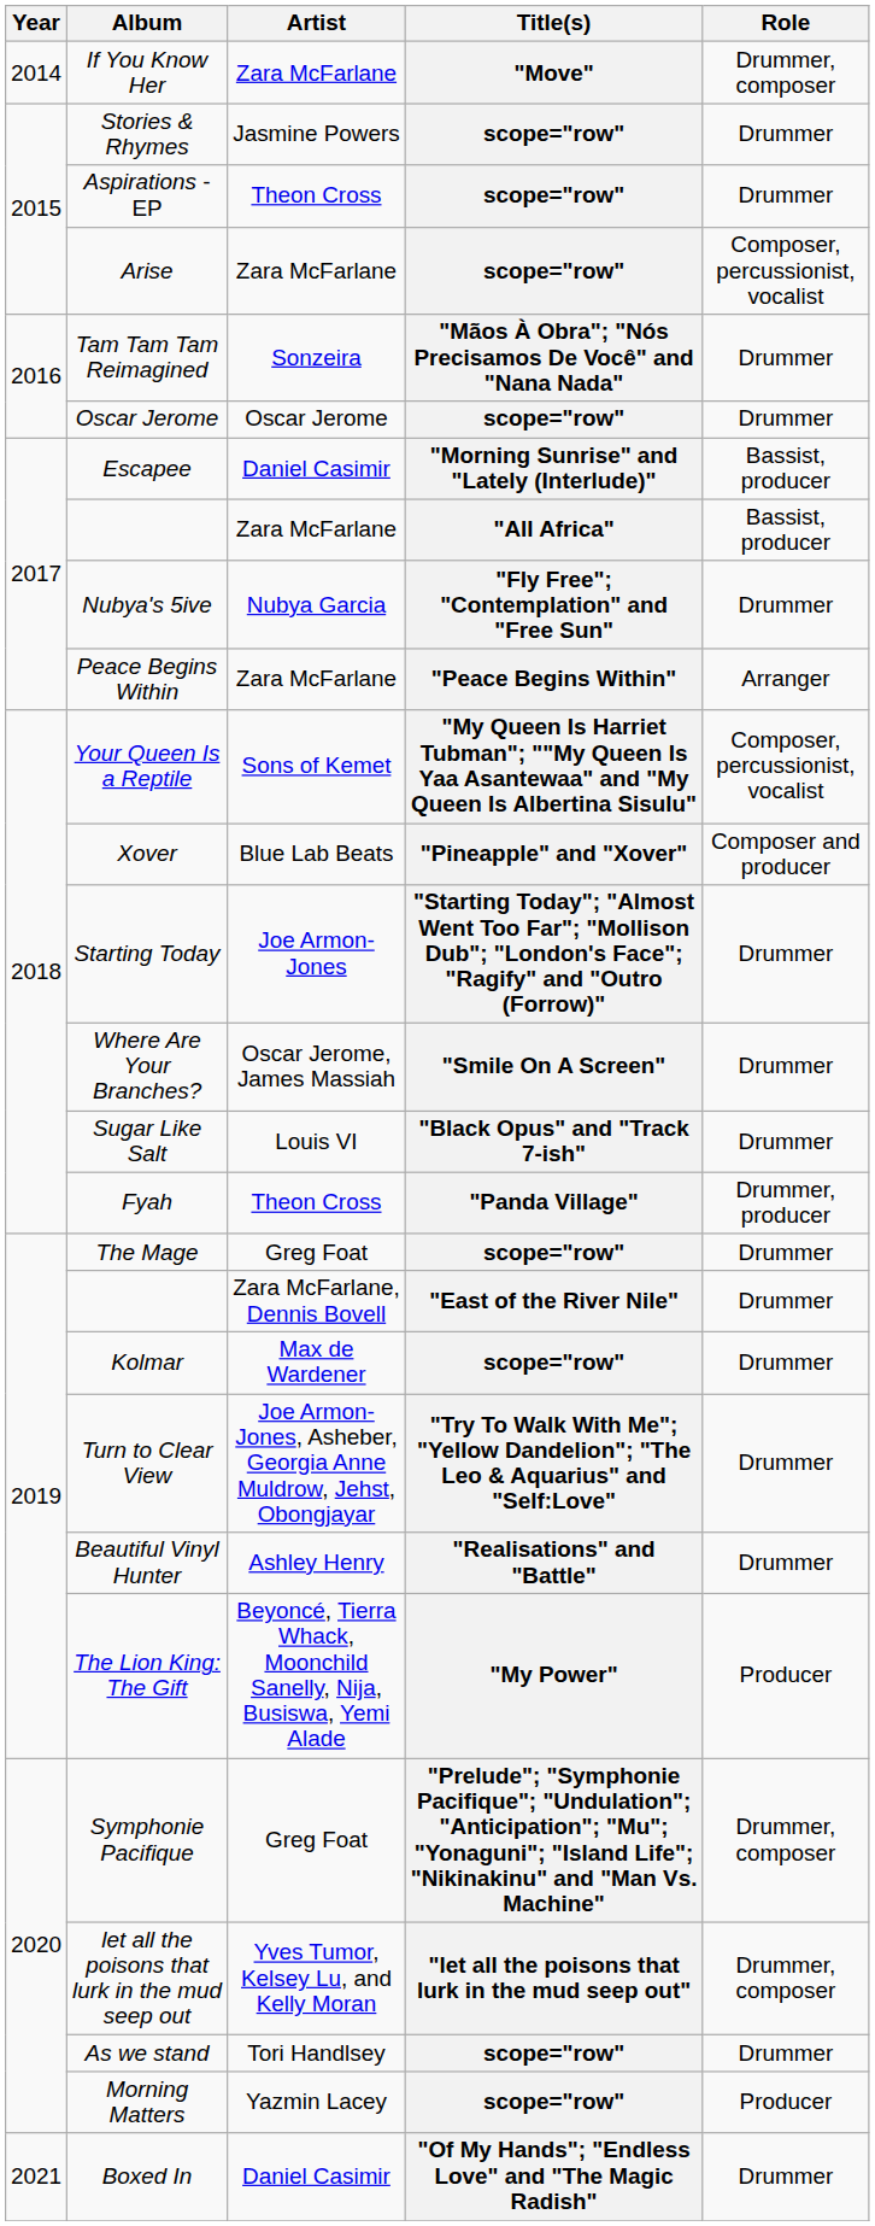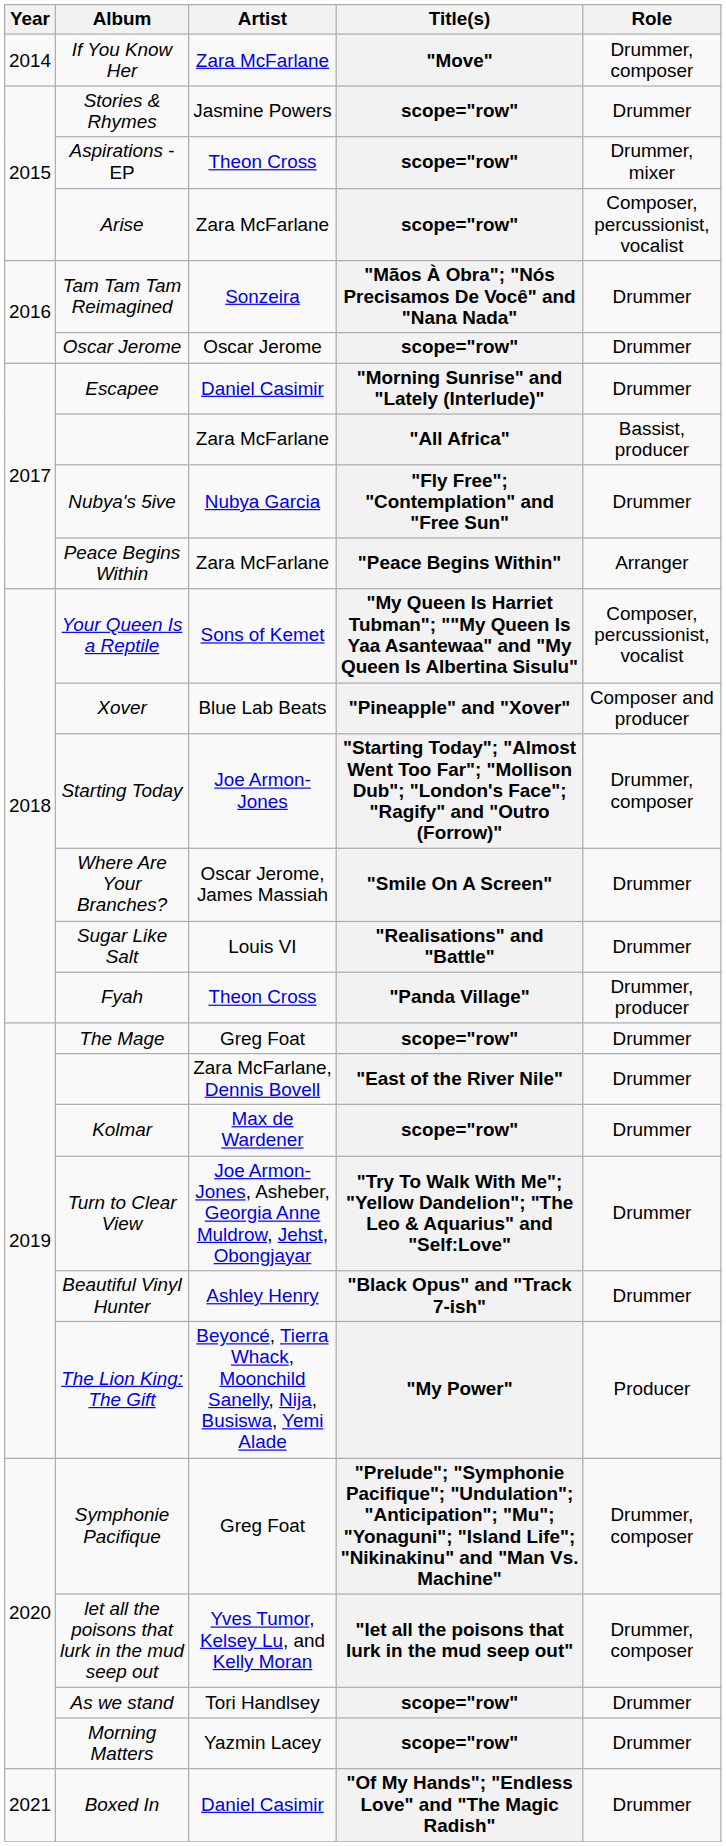 <table class="wikitable plainrowheaders" style="text-align:center;">
 <tr>
 <th>Year</th>
 <th>Album</th>
 <th>Artist</th>
 <th>Title(s)</th>
 <th>Role</th>
 </tr>
 <tr>
 <td>2014</td>
 <td><em>If You Know Her</em></td>
 <td><a href='#'>Zara McFarlane</a></td>
 <th scope="row">"Move"</th>
 <td>Drummer, composer</td>
 </tr>
 <tr>
 <td rowspan="3">2015</td>
 <td><em>Stories & Rhymes</em></td>
 <td>Jasmine Powers</td>
 <th>scope="row" </th>
 <td>Drummer</td>
 </tr>
 <tr>
 <td><em>Aspirations</em> - EP</td>
 <td><a href='#'>Theon Cross</a></td>
 <th>scope="row" </th>
-<td>Drummer</td>
+<td>Drummer, mixer</td>
 </tr>
 <tr>
 <td><em>Arise</em></td>
 <td>Zara McFarlane</td>
 <th>scope="row" </th>
 <td>Composer, percussionist, vocalist</td>
 </tr>
 <tr>
 <td rowspan="2">2016</td>
 <td><em>Tam Tam Tam Reimagined</em></td>
 <td><a href='#'>Sonzeira</a></td>
 <th scope="row">"Mãos À Obra"; "Nós Precisamos De Você" and "Nana Nada"</th>
 <td>Drummer</td>
 </tr>
 <tr>
 <td><em>Oscar Jerome</em></td>
 <td>Oscar Jerome</td>
 <th>scope="row" </th>
 <td>Drummer</td>
 </tr>
 <tr>
 <td rowspan="4">2017</td>
 <td><em>Escapee</em></td>
 <td><a href='#'>Daniel Casimir</a></td>
 <th scope="row">"Morning Sunrise" and "Lately (Interlude)"</th>
-<td>Bassist, producer</td>
+<td>Drummer</td>
 </tr>
 <tr>
 <td></td>
 <td>Zara McFarlane</td>
 <th scope="row">"All Africa"</th>
 <td>Bassist, producer</td>
 </tr>
 <tr>
 <td><em>Nubya's 5ive</em></td>
 <td><a href='#'>Nubya Garcia</a></td>
 <th scope="row">"Fly Free"; "Contemplation" and "Free Sun"</th>
 <td>Drummer</td>
 </tr>
 <tr>
 <td><em>Peace Begins Within</em></td>
 <td>Zara McFarlane</td>
 <th scope="row">"Peace Begins Within" </th>
 <td>Arranger</td>
 </tr>
 <tr>
 <td rowspan="6">2018</td>
 <td><em><a href='#'>Your Queen Is a Reptile</a></em></td>
 <td><a href='#'>Sons of Kemet</a></td>
 <th scope="row">"My Queen Is Harriet Tubman"; ""My Queen Is Yaa Asantewaa" and "My Queen Is Albertina Sisulu"</th>
 <td>Composer, percussionist, vocalist</td>
 </tr>
 <tr>
 <td><em>Xover</em></td>
 <td>Blue Lab Beats</td>
 <th scope="row">"Pineapple" and "Xover"</th>
 <td>Composer and producer</td>
 </tr>
 <tr>
 <td><em>Starting Today</em></td>
 <td><a href='#'>Joe Armon-Jones</a></td>
 <th scope="row">"Starting Today"; "Almost Went Too Far"; "Mollison Dub"; "London's Face"; "Ragify" and "Outro (Forrow)"</th>
-<td>Drummer</td>
+<td>Drummer, composer</td>
 </tr>
 <tr>
 <td><em>Where Are Your Branches?</em></td>
 <td>Oscar Jerome, James Massiah</td>
 <th scope="row">"Smile On A Screen"</th>
 <td>Drummer</td>
 </tr>
 <tr>
 <td><em>Sugar Like Salt</em></td>
 <td>Louis VI</td>
-<th scope="row">"Black Opus" and "Track 7-ish"</th>
+<th scope="row">"Realisations" and "Battle"</th>
 <td>Drummer</td>
 </tr>
 <tr>
 <td><em>Fyah</em></td>
 <td><a href='#'>Theon Cross</a></td>
 <th scope="row">"Panda Village"</th>
 <td>Drummer, producer</td>
 </tr>
 <tr>
 <td rowspan="6">2019</td>
 <td><em>The Mage</em></td>
 <td>Greg Foat</td>
 <th>scope="row" </th>
 <td>Drummer</td>
 </tr>
 <tr>
 <td></td>
 <td>Zara McFarlane, <a href='#'>Dennis Bovell</a></td>
 <th scope="row">"East of the River Nile" </th>
 <td>Drummer</td>
 </tr>
 <tr>
 <td><em>Kolmar</em></td>
 <td><a href='#'>Max de Wardener</a></td>
 <th>scope="row" </th>
 <td>Drummer</td>
 </tr>
 <tr>
 <td><em>Turn to Clear View</em></td>
 <td><a href='#'>Joe Armon-Jones</a>, Asheber, <a href='#'>Georgia Anne Muldrow</a>, <a href='#'>Jehst</a>, <a href='#'>Obongjayar</a></td>
 <th scope="row">"Try To Walk With Me"; "Yellow Dandelion"; "The Leo & Aquarius" and "Self:Love"</th>
 <td>Drummer</td>
 </tr>
 <tr>
 <td><em>Beautiful Vinyl Hunter</em></td>
 <td><a href='#'>Ashley Henry</a></td>
-<th scope="row">"Realisations" and "Battle"</th>
+<th scope="row">"Black Opus" and "Track 7-ish"</th>
 <td>Drummer</td>
 </tr>
 <tr>
 <td><em><a href='#'>The Lion King: The Gift</a></em></td>
 <td><a href='#'>Beyoncé</a>, <a href='#'>Tierra Whack</a>, <a href='#'>Moonchild Sanelly</a>, <a href='#'>Nija</a>, <a href='#'>Busiswa</a>, <a href='#'>Yemi Alade</a></td>
 <th scope="row">"My Power"</th>
 <td>Producer</td>
 </tr>
 <tr>
 <td rowspan="4">2020</td>
 <td><em>Symphonie Pacifique</em></td>
 <td>Greg Foat</td>
 <th scope="row">"Prelude"; "Symphonie Pacifique"; "Undulation"; "Anticipation"; "Mu"; "Yonaguni"; "Island Life"; "Nikinakinu" and "Man Vs. Machine"</th>
 <td>Drummer, composer</td>
 </tr>
 <tr>
 <td><em>let all the poisons that lurk in the mud seep out</em></td>
 <td><a href='#'>Yves Tumor</a>, <a href='#'>Kelsey Lu</a>, and <a href='#'>Kelly Moran</a></td>
 <th scope="row">"let all the poisons that lurk in the mud seep out"</th>
 <td>Drummer, composer</td>
 </tr>
 <tr>
 <td><em>As we stand</em></td>
 <td>Tori Handlsey</td>
 <th>scope="row" </th>
 <td>Drummer</td>
 </tr>
 <tr>
 <td><em>Morning Matters</em></td>
 <td>Yazmin Lacey</td>
 <th>scope="row" </th>
-<td>Producer</td>
+<td>Drummer</td>
 </tr>
 <tr>
 <td>2021</td>
 <td><em>Boxed In</em></td>
 <td><a href='#'>Daniel Casimir</a></td>
 <th scope="row">"Of My Hands"; "Endless Love" and "The Magic Radish"</th>
 <td>Drummer</td>
 </tr>
 </table>
